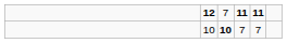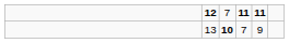 <table class="wikitable">
 <tr>
 <td style="width:18em"></td>
 <td align=center style="width:1em"><strong>12</strong></td>
 <td align=center style="width:1em">7</td>
 <td align=center style="width:1em"><strong>11</strong></td>
 <td align=center style="width:1em"><strong>11</strong></td>
 <td align=center style="width:1em"></td>
 </tr>
 <tr>
 <td style="width:18em"><strong></strong></td>
-<td align=center style="width:1em">10</td>
+<td align=center style="width:1em">13</td>
 <td align=center style="width:1em"><strong>10</strong></td>
 <td align=center style="width:1em">7</td>
-<td align=center style="width:1em">7</td>
+<td align=center style="width:1em">9</td>
 <td align=center style="width:1em"></td>
 </tr>
 </table>
